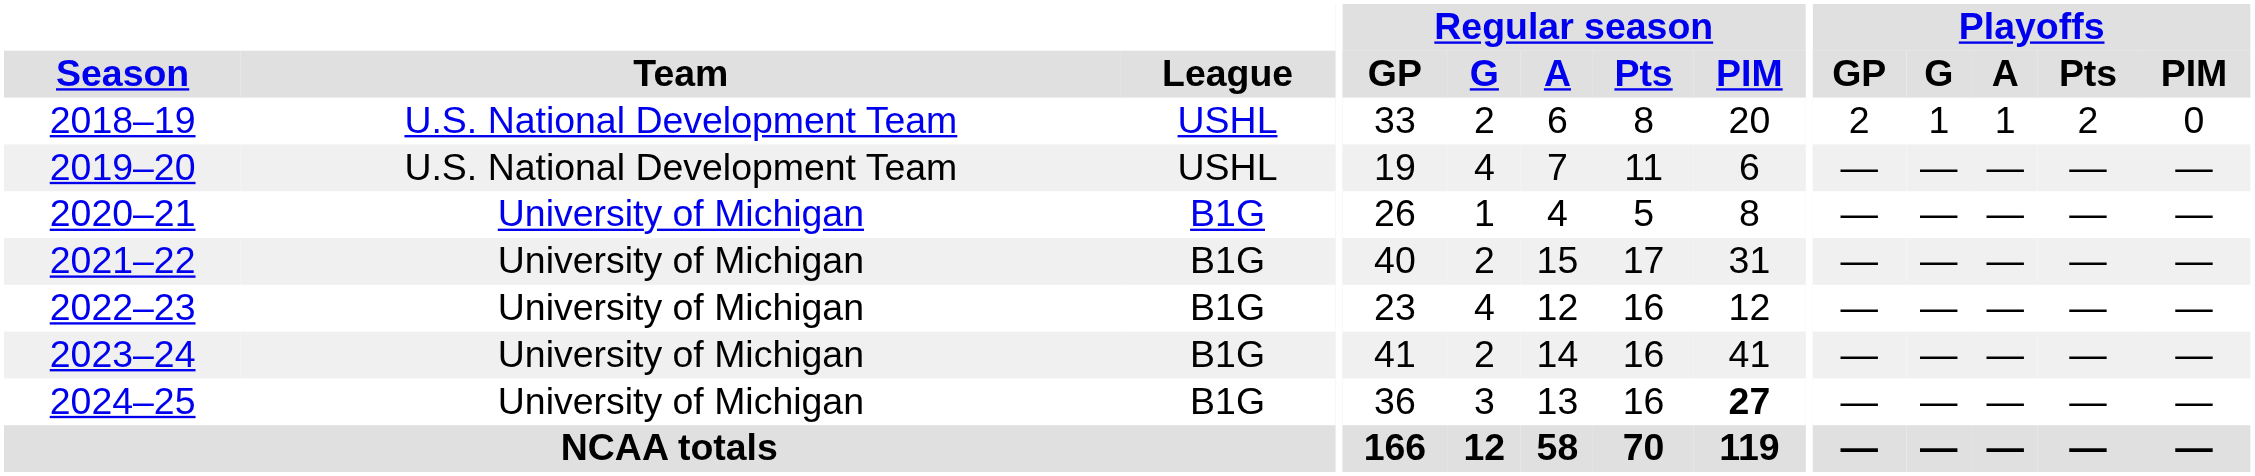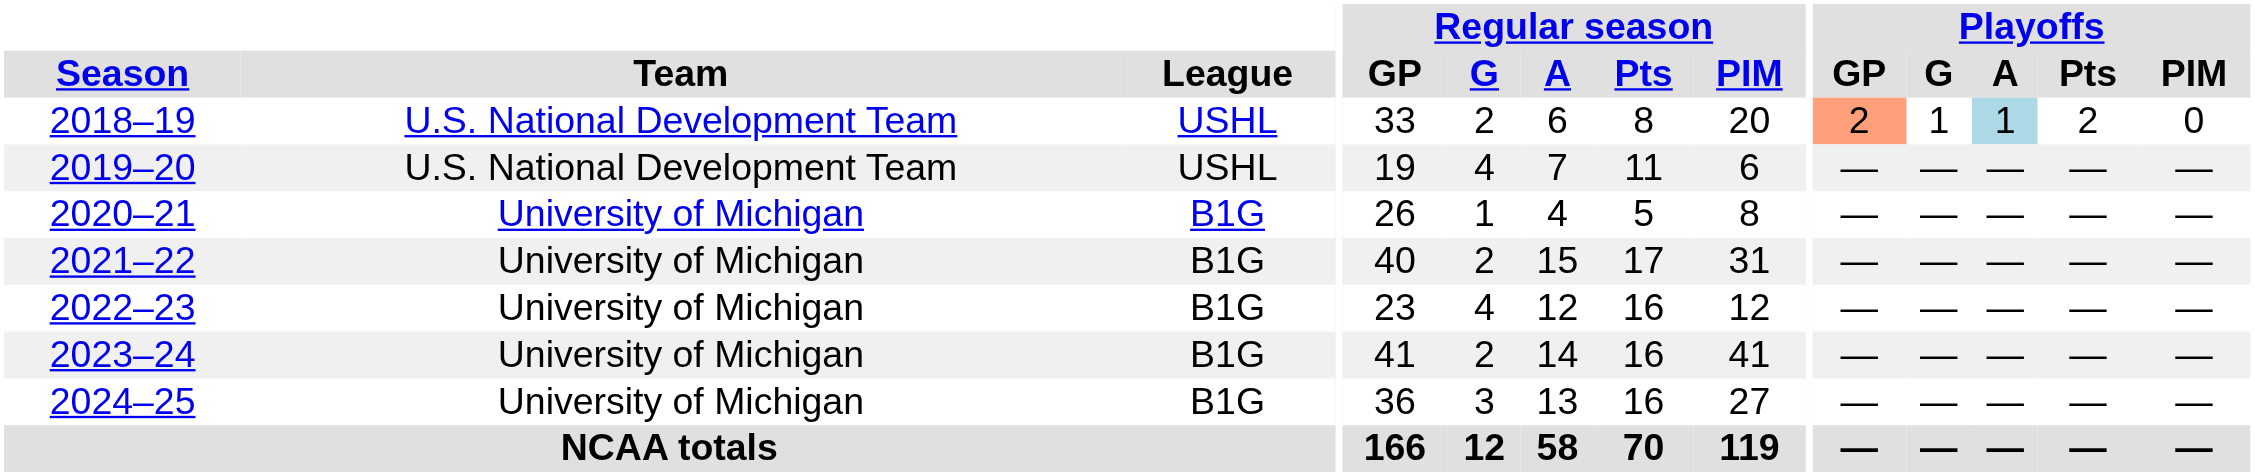 <table border="0" cellpadding="1" cellspacing="0" style="text-align:center; width:60em">
 <tr bgcolor="#e0e0e0">
 <th colspan="3" bgcolor="#ffffff"></th>
 <th rowspan="101" bgcolor="#ffffff"></th>
 <th colspan="5"><a href='#'>Regular season</a></th>
 <th rowspan="101" bgcolor="#ffffff"></th>
 <th colspan="5"><a href='#'>Playoffs</a></th>
 </tr>
 <tr bgcolor="#e0e0e0">
 <th><a href='#'>Season</a></th>
 <th>Team</th>
 <th>League</th>
 <th>GP</th>
 <th><a href='#'>G</a></th>
 <th><a href='#'>A</a></th>
 <th><a href='#'>Pts</a></th>
 <th><a href='#'>PIM</a></th>
 <th>GP</th>
 <th>G</th>
 <th>A</th>
 <th>Pts</th>
 <th>PIM</th>
 </tr>
 <tr>
 <td><a href='#'>2018–19</a></td>
 <td><a href='#'>U.S. National Development Team</a></td>
 <td><a href='#'>USHL</a></td>
 <td>33</td>
 <td>2</td>
 <td>6</td>
 <td>8</td>
 <td>20</td>
-<td>2</td>
+<td style="background: lightsalmon;">2</td>
 <td>1</td>
-<td>1</td>
+<td style="background: lightblue;">1</td>
 <td>2</td>
 <td>0</td>
 </tr>
 <tr bgcolor="#f0f0f0">
 <td><a href='#'>2019–20</a></td>
 <td>U.S. National Development Team</td>
 <td>USHL</td>
 <td>19</td>
 <td>4</td>
 <td>7</td>
 <td>11</td>
 <td>6</td>
 <td>—</td>
 <td>—</td>
 <td>—</td>
 <td>—</td>
 <td>—</td>
 </tr>
 <tr>
 <td><a href='#'>2020–21</a></td>
 <td><a href='#'>University of Michigan</a></td>
 <td><a href='#'>B1G</a></td>
 <td>26</td>
 <td>1</td>
 <td>4</td>
 <td>5</td>
 <td>8</td>
 <td>—</td>
 <td>—</td>
 <td>—</td>
 <td>—</td>
 <td>—</td>
 </tr>
 <tr bgcolor="#f0f0f0">
 <td><a href='#'>2021–22</a></td>
 <td>University of Michigan</td>
 <td>B1G</td>
 <td>40</td>
 <td>2</td>
 <td>15</td>
 <td>17</td>
 <td>31</td>
 <td>—</td>
 <td>—</td>
 <td>—</td>
 <td>—</td>
 <td>—</td>
 </tr>
 <tr>
 <td><a href='#'>2022–23</a></td>
 <td>University of Michigan</td>
 <td>B1G</td>
 <td>23</td>
 <td>4</td>
 <td>12</td>
 <td>16</td>
 <td>12</td>
 <td>—</td>
 <td>—</td>
 <td>—</td>
 <td>—</td>
 <td>—</td>
 </tr>
 <tr bgcolor="#f0f0f0">
 <td><a href='#'>2023–24</a></td>
 <td>University of Michigan</td>
 <td>B1G</td>
 <td>41</td>
 <td>2</td>
 <td>14</td>
 <td>16</td>
 <td>41</td>
 <td>—</td>
 <td>—</td>
 <td>—</td>
 <td>—</td>
 <td>—</td>
 </tr>
 <tr>
 <td><a href='#'>2024–25</a></td>
 <td>University of Michigan</td>
 <td>B1G</td>
 <td>36</td>
 <td>3</td>
 <td>13</td>
 <td>16</td>
-<td><strong>27</strong></td>
+<td>27</td>
 <td>—</td>
 <td>—</td>
 <td>—</td>
 <td>—</td>
 <td>—</td>
 </tr>
 <tr bgcolor="#e0e0e0">
 <th colspan="3">NCAA totals</th>
 <th>166</th>
 <th>12</th>
 <th>58</th>
 <th>70</th>
 <th>119</th>
 <th>—</th>
 <th>—</th>
 <th>—</th>
 <th>—</th>
 <th>—</th>
 </tr>
 </table>
